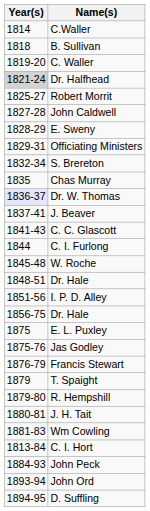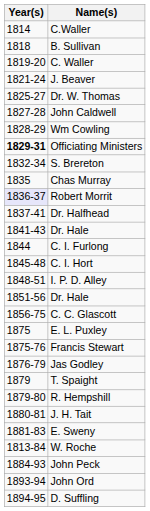 <table class="wikitable" border="1">
 <tr>
 <th>Year(s)</th>
 <th>Name(s)</th>
 </tr>
 <tr>
 <td>1814</td>
 <td>C.Waller</td>
 </tr>
 <tr>
 <td>1818</td>
 <td>B. Sullivan</td>
 </tr>
 <tr>
 <td>1819-20</td>
 <td>C. Waller</td>
 </tr>
 <tr>
-<td style="background: lightgrey;">1821-24</td>
-<td>Dr. Halfhead</td>
+<td>1821-24</td>
+<td>J. Beaver</td>
 </tr>
 <tr>
 <td>1825-27</td>
-<td>Robert Morrit</td>
+<td>Dr. W. Thomas</td>
 </tr>
 <tr>
 <td>1827-28</td>
 <td>John Caldwell</td>
 </tr>
 <tr>
 <td>1828-29</td>
-<td>E. Sweny</td>
+<td>Wm Cowling</td>
 </tr>
 <tr>
-<td>1829-31</td>
+<td><strong>1829-31</strong></td>
 <td>Officiating Ministers</td>
 </tr>
 <tr>
 <td>1832-34</td>
 <td>S. Brereton</td>
 </tr>
 <tr>
 <td>1835</td>
 <td>Chas Murray</td>
 </tr>
 <tr>
 <td style="background: lavender;">1836-37</td>
-<td>Dr. W. Thomas</td>
+<td>Robert Morrit</td>
 </tr>
 <tr>
 <td>1837-41</td>
-<td>J. Beaver</td>
+<td>Dr. Halfhead</td>
 </tr>
 <tr>
 <td>1841-43</td>
-<td>C. C. Glascott</td>
+<td>Dr. Hale</td>
 </tr>
 <tr>
 <td>1844</td>
 <td>C. I. Furlong</td>
 </tr>
 <tr>
 <td>1845-48</td>
-<td>W. Roche</td>
+<td>C. I. Hort</td>
 </tr>
 <tr>
 <td>1848-51</td>
+<td>I. P. D. Alley</td>
+</tr>
+<tr>
+<td>1851-56</td>
 <td>Dr. Hale</td>
 </tr>
 <tr>
-<td>1851-56</td>
-<td>I. P. D. Alley</td>
-</tr>
-<tr>
 <td>1856-75</td>
-<td>Dr. Hale</td>
+<td>C. C. Glascott</td>
 </tr>
 <tr>
 <td>1875</td>
 <td>E. L. Puxley</td>
 </tr>
 <tr>
 <td>1875-76</td>
-<td>Jas Godley</td>
+<td>Francis Stewart</td>
 </tr>
 <tr>
 <td>1876-79</td>
-<td>Francis Stewart</td>
+<td>Jas Godley</td>
 </tr>
 <tr>
 <td>1879</td>
 <td>T. Spaight</td>
 </tr>
 <tr>
 <td>1879-80</td>
 <td>R. Hempshill</td>
 </tr>
 <tr>
 <td>1880-81</td>
 <td>J. H. Tait</td>
 </tr>
 <tr>
 <td>1881-83</td>
-<td>Wm Cowling</td>
+<td>E. Sweny</td>
 </tr>
 <tr>
 <td>1813-84</td>
-<td>C. I. Hort</td>
+<td>W. Roche</td>
 </tr>
 <tr>
 <td>1884-93</td>
 <td>John Peck</td>
 </tr>
 <tr>
 <td>1893-94</td>
 <td>John Ord</td>
 </tr>
 <tr>
 <td>1894-95</td>
 <td>D. Suffling</td>
 </tr>
 </table>
